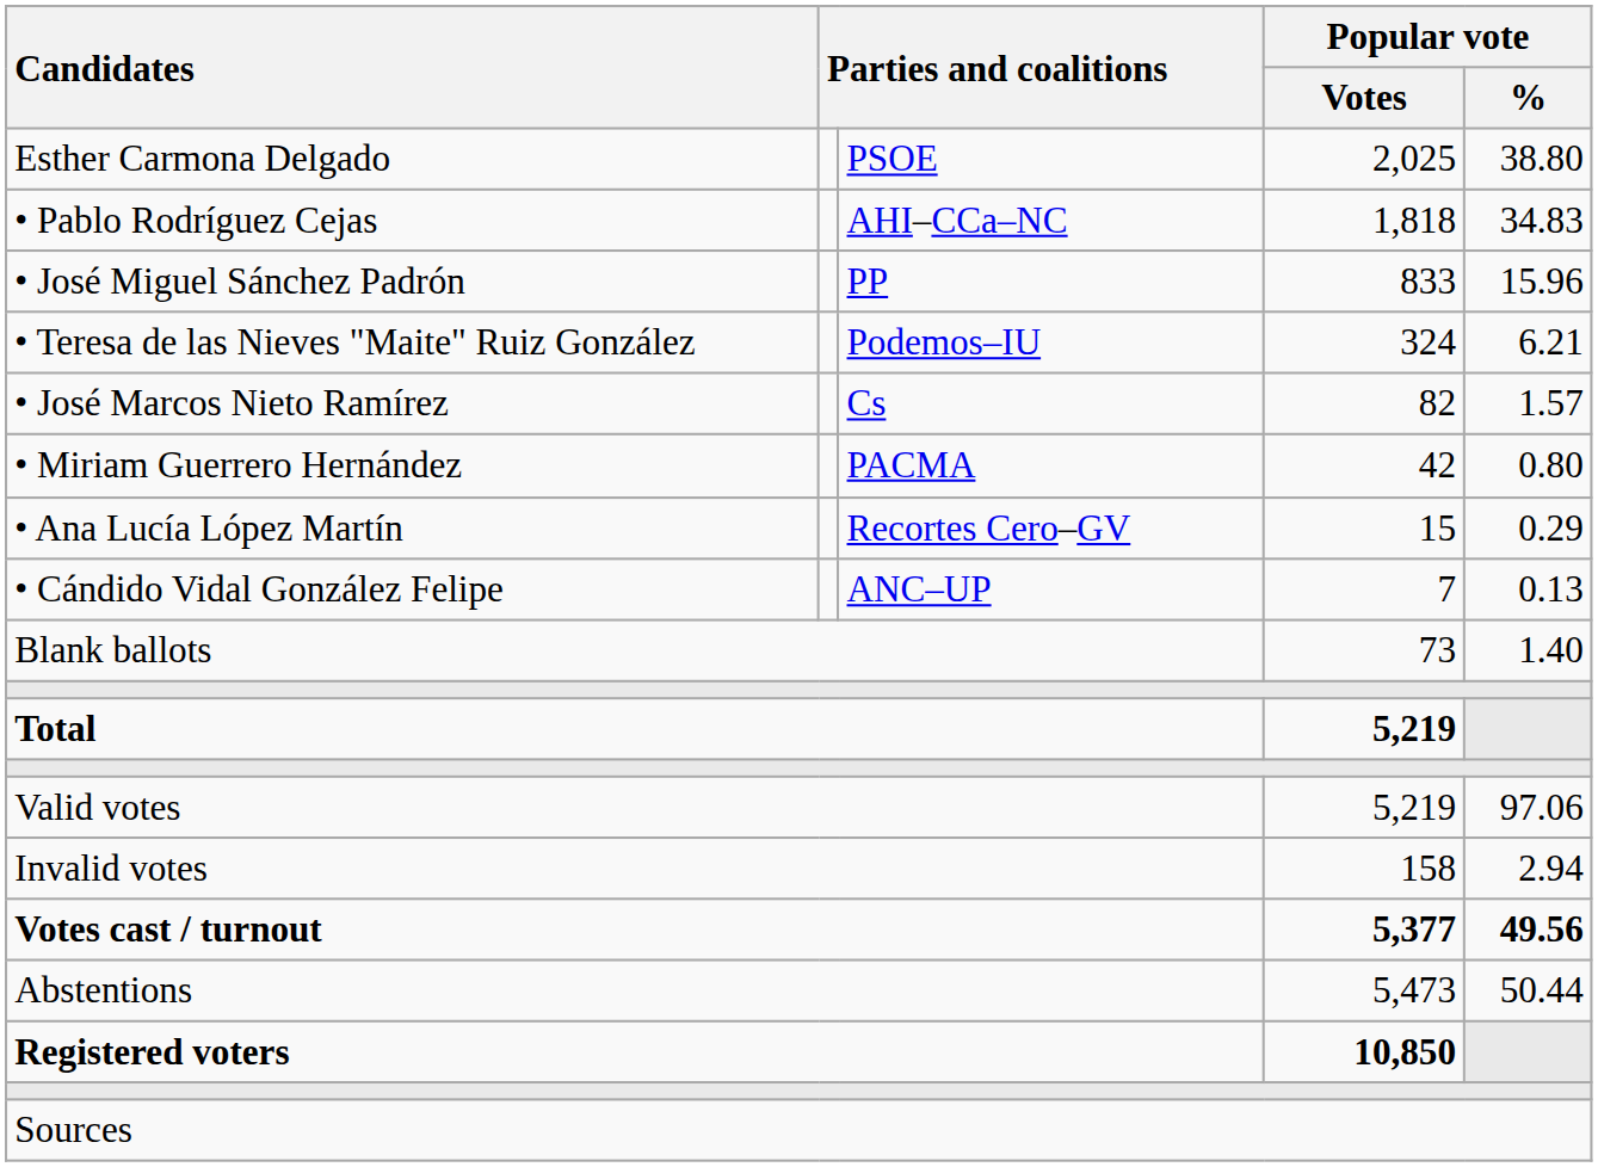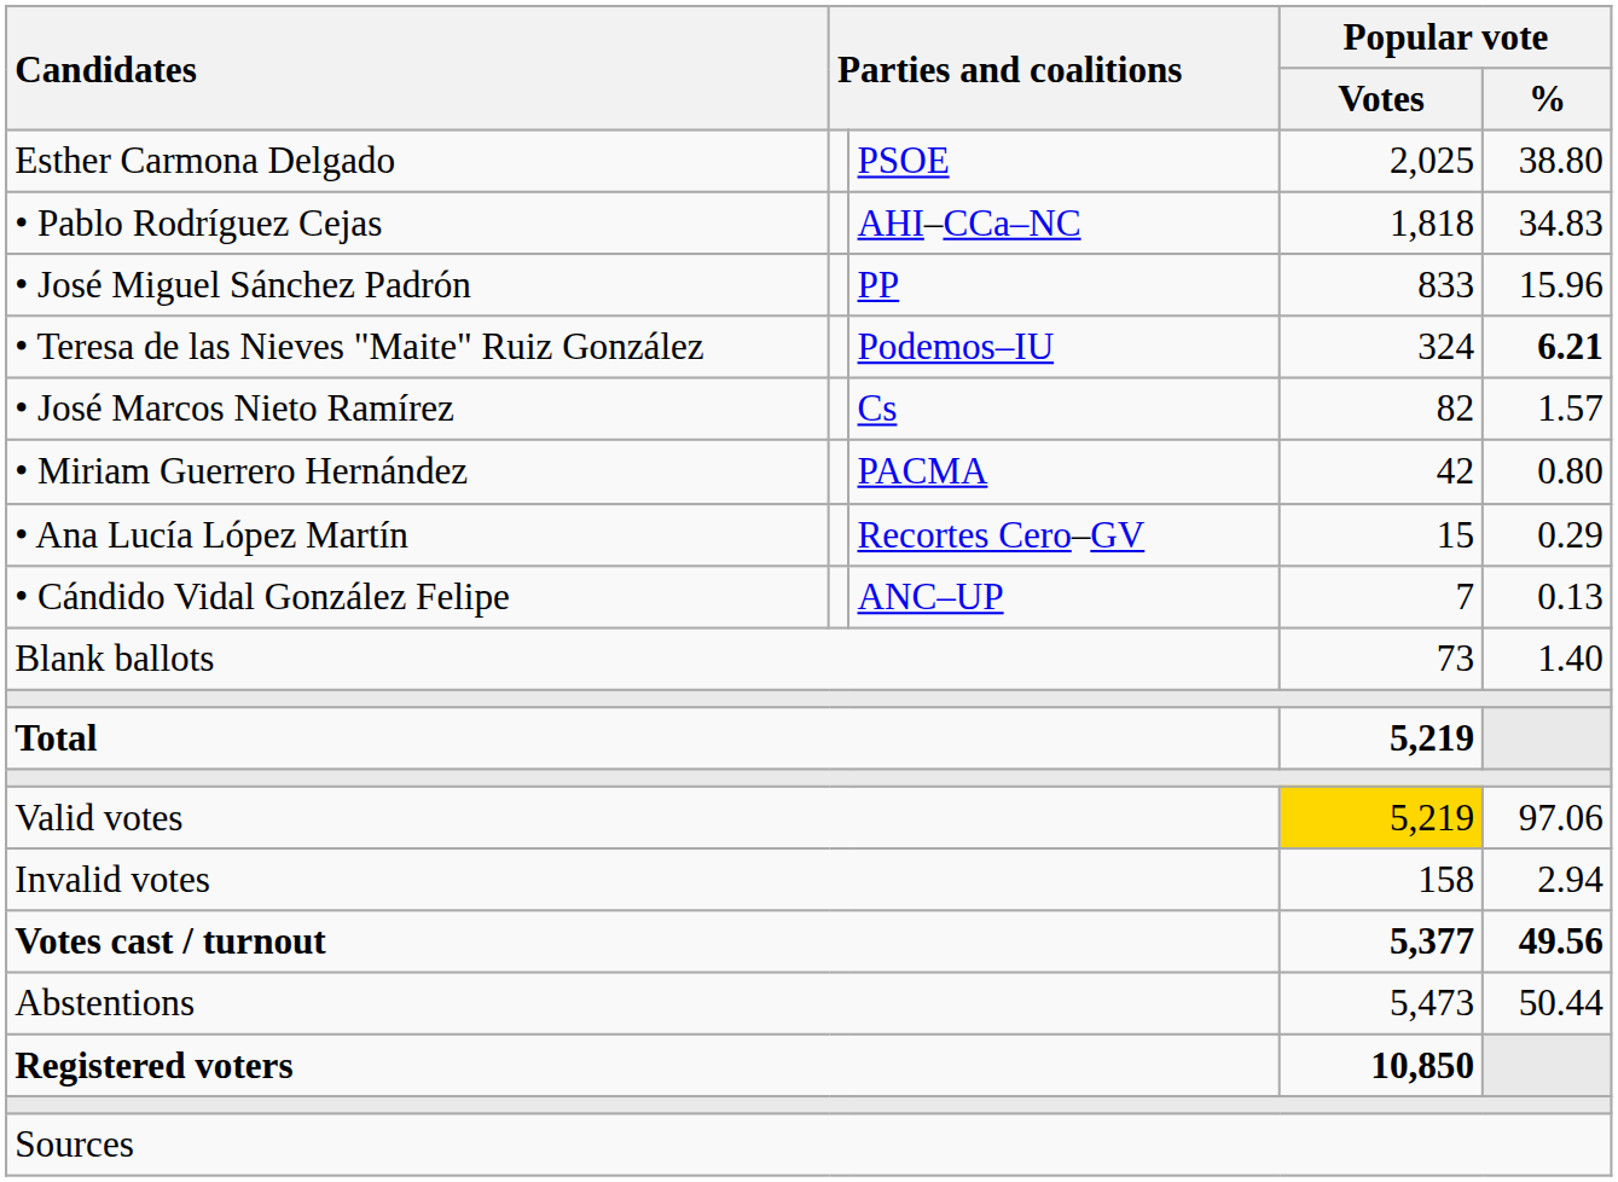 <table class="wikitable" style="text-align:right; font-size:95%;">
 <tr>
 <th style="text-align:left;" rowspan="2" width="325">Candidates</th>
 <th style="text-align:left;" rowspan="2" colspan="2" width="175">Parties and coalitions</th>
 <th colspan="2">Popular vote</th>
 </tr>
 <tr>
 <th width="75">Votes</th>
 <th width="45">%</th>
 </tr>
 <tr>
 <td align="left"> Esther Carmona Delgado</td>
 <td width="1" style="color:inherit;background:"></td>
 <td align="left"><a href='#'>PSOE</a></td>
 <td>2,025</td>
 <td>38.80</td>
 </tr>
 <tr>
 <td align="left">• Pablo Rodríguez Cejas</td>
 <td style="color:inherit;background:"></td>
 <td align="left"><a href='#'>AHI</a>–<a href='#'>CCa–NC</a></td>
 <td>1,818</td>
 <td>34.83</td>
 </tr>
 <tr>
 <td align="left">• José Miguel Sánchez Padrón</td>
 <td style="color:inherit;background:"></td>
 <td align="left"><a href='#'>PP</a></td>
 <td>833</td>
 <td>15.96</td>
 </tr>
 <tr>
 <td align="left">• Teresa de las Nieves "Maite" Ruiz González</td>
 <td style="color:inherit;background:"></td>
 <td align="left"><a href='#'>Podemos–IU</a></td>
 <td>324</td>
-<td>6.21</td>
+<td><strong>6.21</strong></td>
 </tr>
 <tr>
 <td align="left">• José Marcos Nieto Ramírez</td>
 <td style="color:inherit;background:"></td>
 <td align="left"><a href='#'>Cs</a></td>
 <td>82</td>
 <td>1.57</td>
 </tr>
 <tr>
 <td align="left">• Miriam Guerrero Hernández</td>
 <td style="color:inherit;background:"></td>
 <td align="left"><a href='#'>PACMA</a></td>
 <td>42</td>
 <td>0.80</td>
 </tr>
 <tr>
 <td align="left">• Ana Lucía López Martín</td>
 <td style="color:inherit;background:"></td>
 <td align="left"><a href='#'>Recortes Cero</a>–<a href='#'>GV</a></td>
 <td>15</td>
 <td>0.29</td>
 </tr>
 <tr>
 <td align="left">• Cándido Vidal González Felipe</td>
 <td style="color:inherit;background:"></td>
 <td align="left"><a href='#'>ANC–UP</a></td>
 <td>7</td>
 <td>0.13</td>
 </tr>
 <tr>
 <td align="left" colspan="3">Blank ballots</td>
 <td>73</td>
 <td>1.40</td>
 </tr>
 <tr>
 <td colspan="5" bgcolor="#E9E9E9"></td>
 </tr>
 <tr style="font-weight:bold;">
 <td align="left" colspan="3">Total</td>
 <td>5,219</td>
 <td bgcolor="#E9E9E9"></td>
 </tr>
 <tr>
 <td colspan="5" bgcolor="#E9E9E9"></td>
 </tr>
 <tr>
 <td align="left" colspan="3">Valid votes</td>
-<td>5,219</td>
+<td style="background: gold;">5,219</td>
 <td>97.06</td>
 </tr>
 <tr>
 <td align="left" colspan="3">Invalid votes</td>
 <td>158</td>
 <td>2.94</td>
 </tr>
 <tr style="font-weight:bold;">
 <td align="left" colspan="3">Votes cast / turnout</td>
 <td>5,377</td>
 <td>49.56</td>
 </tr>
 <tr>
 <td align="left" colspan="3">Abstentions</td>
 <td>5,473</td>
 <td>50.44</td>
 </tr>
 <tr style="font-weight:bold;">
 <td align="left" colspan="3">Registered voters</td>
 <td>10,850</td>
 <td bgcolor="#E9E9E9"></td>
 </tr>
 <tr>
 <td colspan="5" bgcolor="#E9E9E9"></td>
 </tr>
 <tr>
 <td align="left" colspan="5">Sources</td>
 </tr>
 </table>
